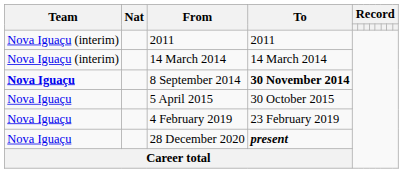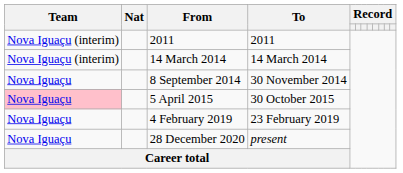 <table class="wikitable" style="text-align: center">
 <tr>
 <th rowspan=2>Team</th>
 <th rowspan=2>Nat</th>
 <th rowspan=2>From</th>
 <th rowspan=2>To</th>
 <th colspan="8">Record</th>
 </tr>
 <tr>
 <th></th>
 <th></th>
 <th></th>
 <th></th>
 <th></th>
 <th></th>
 <th></th>
 <th></th>
 </tr>
 <tr>
 <td align=left><a href='#'>Nova Iguaçu</a> (interim)</td>
 <td></td>
 <td align=left>2011</td>
 <td align=left>2011<br></td>
 </tr>
 <tr>
 <td align=left><a href='#'>Nova Iguaçu</a> (interim)</td>
 <td></td>
 <td align=left>14 March 2014</td>
 <td align=left>14 March 2014<br></td>
 </tr>
 <tr>
-<td align=left><strong><a href='#'>Nova Iguaçu</a></strong></td>
+<td align=left><a href='#'>Nova Iguaçu</a></td>
 <td></td>
 <td align=left>8 September 2014</td>
-<td align=left><strong>30 November 2014<br></strong></td>
+<td align=left>30 November 2014<br></td>
 </tr>
 <tr>
-<td align=left><a href='#'>Nova Iguaçu</a></td>
+<td align=left style="background: pink;"><a href='#'>Nova Iguaçu</a></td>
 <td></td>
 <td align=left>5 April 2015</td>
 <td align=left>30 October 2015<br></td>
 </tr>
 <tr>
 <td align=left><a href='#'>Nova Iguaçu</a></td>
 <td></td>
 <td align=left>4 February 2019</td>
 <td align=left>23 February 2019<br></td>
 </tr>
 <tr>
 <td align=left><a href='#'>Nova Iguaçu</a></td>
 <td></td>
 <td align=left>28 December 2020</td>
-<td align=left><strong><em>present</em><br></strong></td>
+<td align=left><em>present</em><br></td>
 </tr>
 <tr>
 <th colspan=4>Career total<br></th>
 </tr>
 </table>
